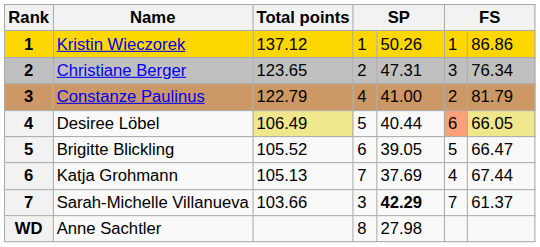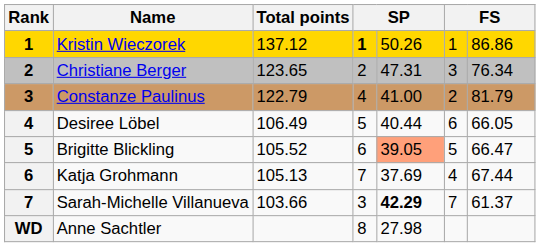 <table class="wikitable">
 <tr>
 <th>Rank</th>
 <th>Name</th>
 <th>Total points</th>
 <th colspan="2" width="80px">SP</th>
 <th colspan="2" width="80px">FS</th>
 </tr>
 <tr bgcolor="gold">
 <td align="center"><strong>1</strong></td>
 <td><a href='#'>Kristin Wieczorek</a></td>
 <td>137.12</td>
-<td>1</td>
+<td><strong>1</strong></td>
 <td>50.26</td>
 <td>1</td>
 <td>86.86</td>
 </tr>
 <tr bgcolor="silver">
 <td align="center"><strong>2</strong></td>
 <td><a href='#'>Christiane Berger</a></td>
 <td>123.65</td>
 <td>2</td>
 <td>47.31</td>
 <td>3</td>
 <td>76.34</td>
 </tr>
 <tr bgcolor="cc9966">
 <td align="center"><strong>3</strong></td>
 <td><a href='#'>Constanze Paulinus</a></td>
 <td>122.79</td>
 <td>4</td>
 <td>41.00</td>
 <td>2</td>
 <td>81.79</td>
 </tr>
 <tr>
 <th>4</th>
 <td>Desiree Löbel</td>
-<td style="background: khaki;">106.49</td>
+<td>106.49</td>
 <td>5</td>
 <td>40.44</td>
-<td style="background: lightsalmon;">6</td>
-<td style="background: khaki;">66.05</td>
+<td>6</td>
+<td>66.05</td>
 </tr>
 <tr>
 <th>5</th>
 <td>Brigitte Blickling</td>
 <td>105.52</td>
 <td>6</td>
-<td>39.05</td>
+<td style="background: lightsalmon;">39.05</td>
 <td>5</td>
 <td>66.47</td>
 </tr>
 <tr>
 <th>6</th>
 <td>Katja Grohmann</td>
 <td>105.13</td>
 <td>7</td>
 <td>37.69</td>
 <td>4</td>
 <td>67.44</td>
 </tr>
 <tr>
 <th>7</th>
 <td>Sarah-Michelle Villanueva</td>
 <td>103.66</td>
 <td>3</td>
 <td><strong>42.29</strong></td>
 <td>7</td>
 <td>61.37</td>
 </tr>
 <tr>
 <th>WD</th>
 <td>Anne Sachtler</td>
 <td></td>
 <td>8</td>
 <td>27.98</td>
 <td></td>
 <td></td>
 </tr>
 </table>
